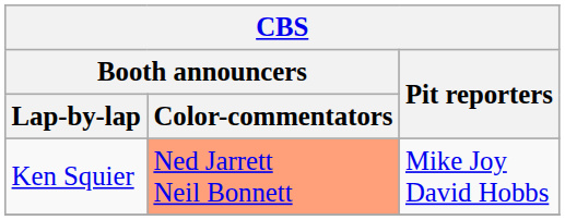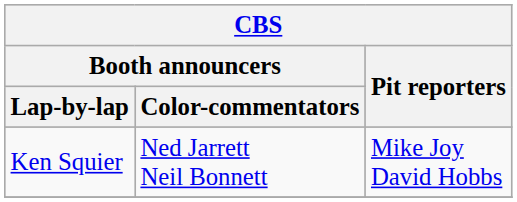 <table class="wikitable" style="font-size: 95%">
 <tr>
 <th colspan=3><a href='#'>CBS</a></th>
 </tr>
 <tr>
 <th colspan=2>Booth announcers</th>
 <th rowspan=2>Pit reporters</th>
 </tr>
 <tr>
 <th><strong>Lap-by-lap</strong></th>
 <th><strong>Color-commentators</strong></th>
 </tr>
 <tr>
 <td><a href='#'>Ken Squier</a></td>
-<td style="background: lightsalmon;"><a href='#'>Ned Jarrett</a> <br> <a href='#'>Neil Bonnett</a></td>
+<td><a href='#'>Ned Jarrett</a> <br> <a href='#'>Neil Bonnett</a></td>
 <td><a href='#'>Mike Joy</a> <br> <a href='#'>David Hobbs</a></td>
 </tr>
 <tr>
 </tr>
 </table>
